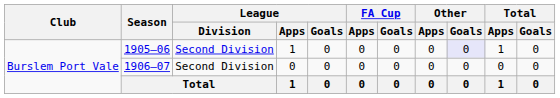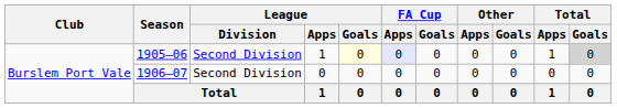 <table class="wikitable" style="text-align:center">
 <tr>
 <th rowspan="2">Club</th>
 <th rowspan="2">Season</th>
 <th colspan="3">League</th>
 <th colspan="2"><a href='#'>FA Cup</a></th>
 <th colspan="2">Other</th>
 <th colspan="2">Total</th>
 </tr>
 <tr>
 <th>Division</th>
 <th>Apps</th>
 <th>Goals</th>
 <th>Apps</th>
 <th>Goals</th>
 <th>Apps</th>
 <th>Goals</th>
 <th>Apps</th>
 <th>Goals</th>
 </tr>
 <tr>
 <td rowspan="3"><a href='#'>Burslem Port Vale</a></td>
 <td><a href='#'>1905–06</a></td>
 <td><a href='#'>Second Division</a></td>
 <td>1</td>
+<td style="background: lightyellow;">0</td>
+<td style="background: lavender;">0</td>
 <td>0</td>
 <td>0</td>
 <td>0</td>
-<td>0</td>
-<td style="background: lavender;">0</td>
 <td>1</td>
-<td>0</td>
+<td style="background: lightgrey;">0</td>
 </tr>
 <tr>
 <td><a href='#'>1906–07</a></td>
 <td>Second Division</td>
 <td>0</td>
 <td>0</td>
 <td>0</td>
 <td>0</td>
 <td>0</td>
 <td>0</td>
 <td>0</td>
 <td>0</td>
 </tr>
 <tr>
 <th colspan="2">Total</th>
 <th>1</th>
 <th>0</th>
 <th>0</th>
 <th>0</th>
 <th>0</th>
 <th>0</th>
 <th>1</th>
 <th>0</th>
 </tr>
 </table>
